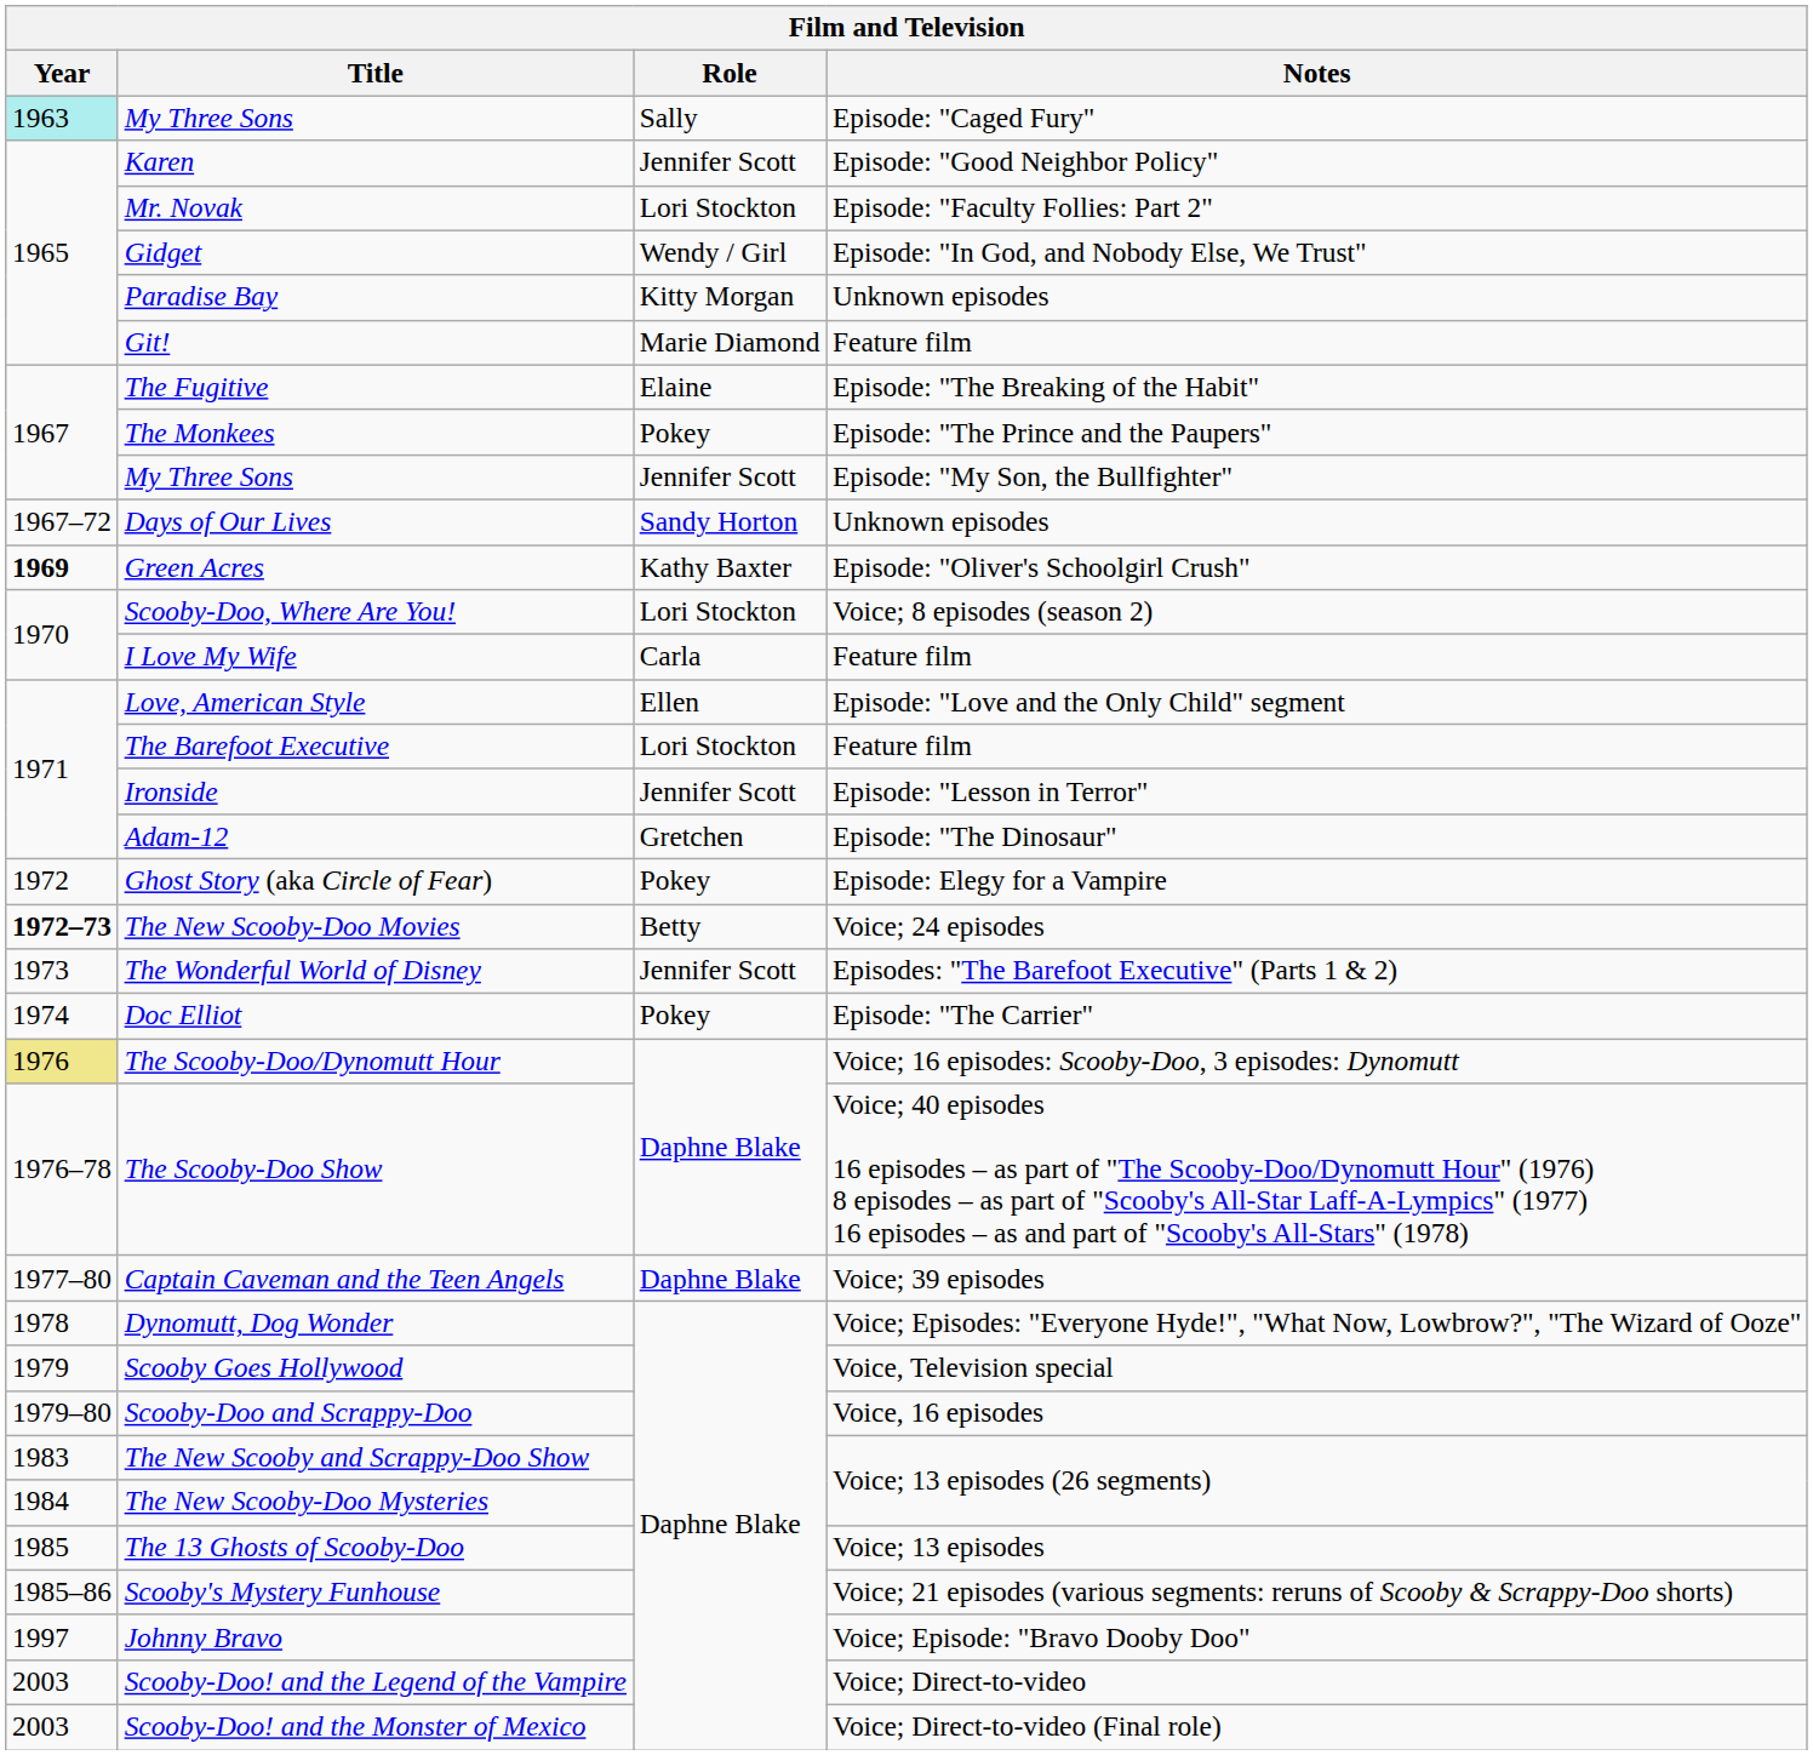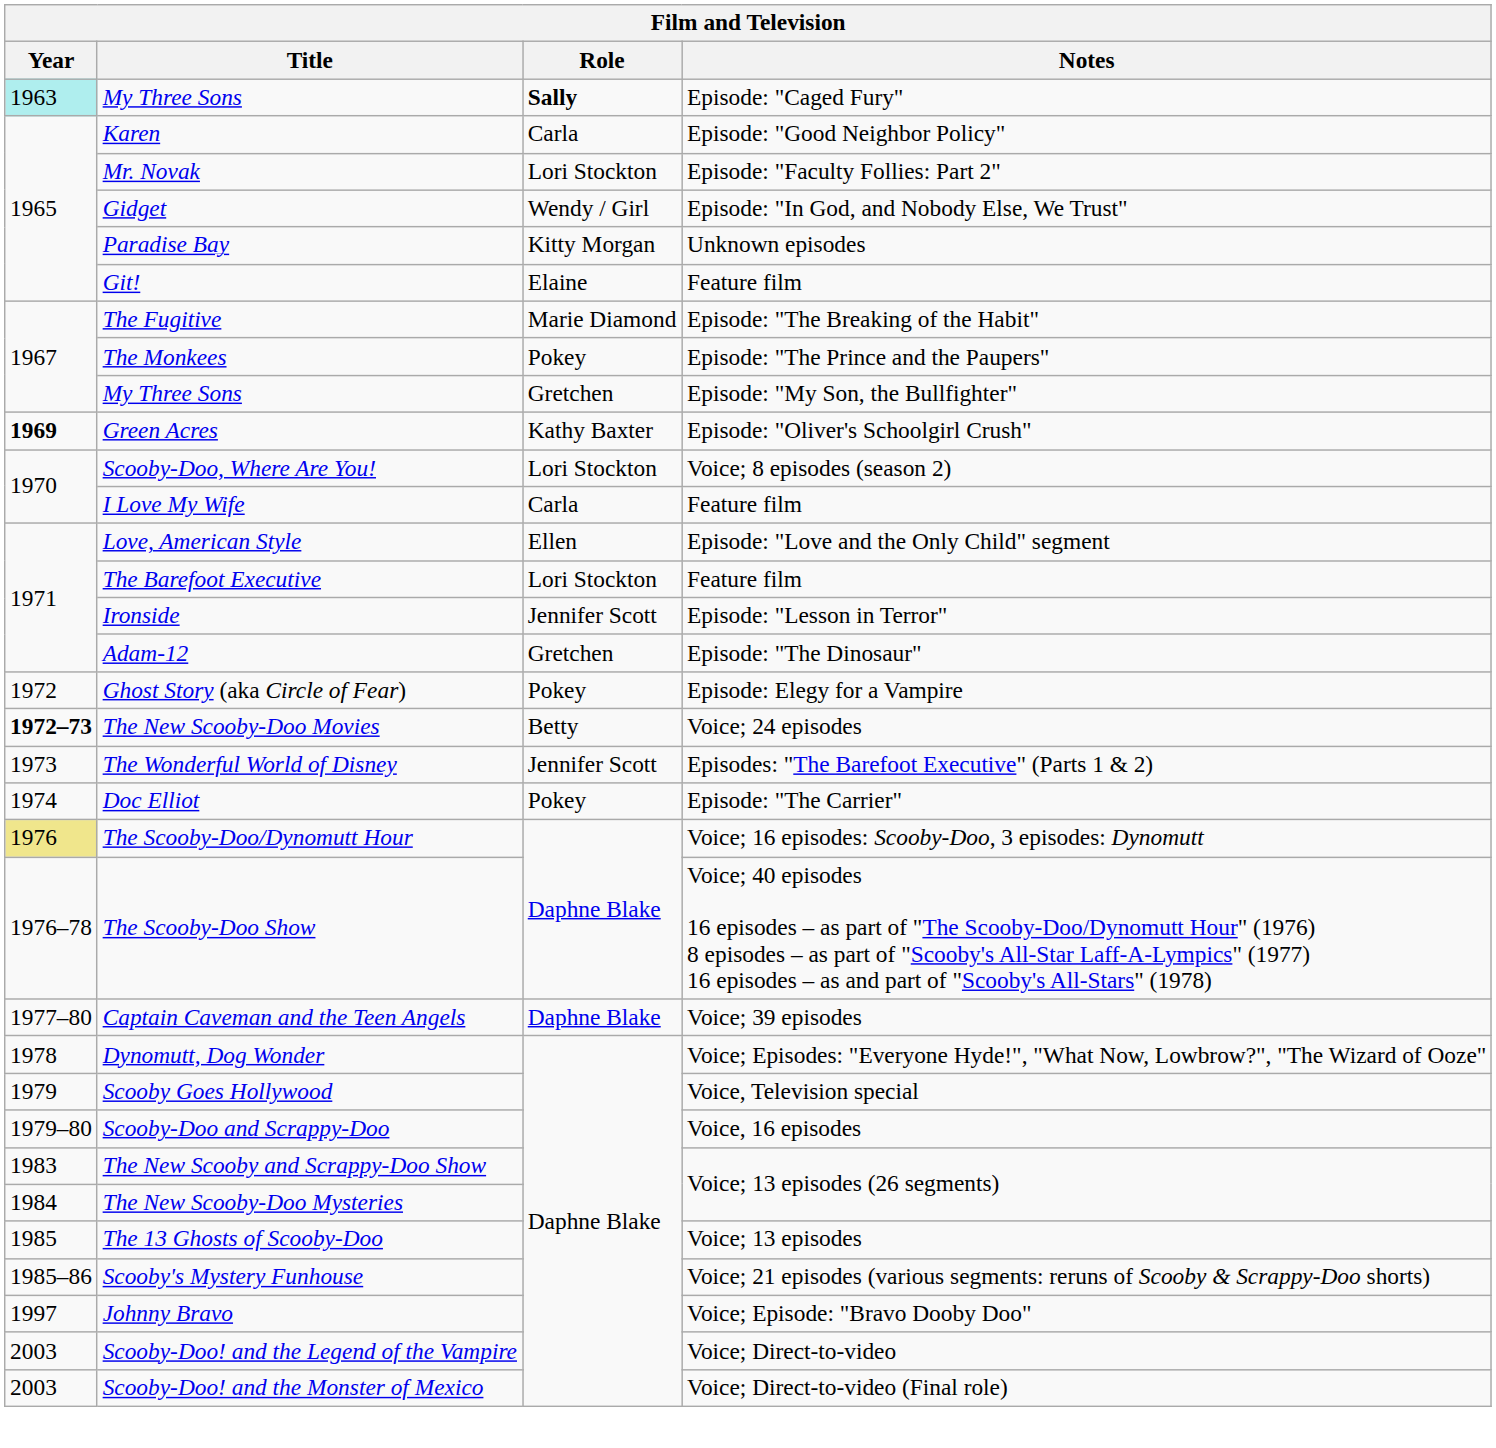 <table class="wikitable">
 <tr>
 <th colspan=4>Film and Television</th>
 </tr>
 <tr>
 <th>Year</th>
 <th>Title</th>
 <th>Role</th>
 <th>Notes</th>
 </tr>
 <tr>
 <td style="background: paleturquoise;">1963</td>
 <td><em><a href='#'>My Three Sons</a></em></td>
-<td>Sally</td>
+<td><strong>Sally</strong></td>
 <td>Episode: "Caged Fury"</td>
 </tr>
 <tr>
 <td rowspan="5">1965</td>
 <td><em><a href='#'>Karen</a></em></td>
-<td>Jennifer Scott</td>
+<td>Carla</td>
 <td>Episode: "Good Neighbor Policy"</td>
 </tr>
 <tr>
 <td><em><a href='#'>Mr. Novak</a></em></td>
 <td>Lori Stockton</td>
 <td>Episode: "Faculty Follies: Part 2"</td>
 </tr>
 <tr>
 <td><em><a href='#'>Gidget</a></em></td>
 <td>Wendy / Girl</td>
 <td>Episode: "In God, and Nobody Else, We Trust"</td>
 </tr>
 <tr>
 <td><em><a href='#'>Paradise Bay</a></em></td>
 <td>Kitty Morgan</td>
 <td>Unknown episodes</td>
 </tr>
 <tr>
 <td><em><a href='#'>Git!</a></em></td>
-<td>Marie Diamond</td>
+<td>Elaine</td>
 <td>Feature film</td>
 </tr>
 <tr>
 <td rowspan="3">1967</td>
 <td><em><a href='#'>The Fugitive</a></em></td>
-<td>Elaine</td>
+<td>Marie Diamond</td>
 <td>Episode: "The Breaking of the Habit"</td>
 </tr>
 <tr>
 <td><em><a href='#'>The Monkees</a></em></td>
 <td>Pokey</td>
 <td>Episode: "The Prince and the Paupers"</td>
 </tr>
 <tr>
 <td><em><a href='#'>My Three Sons</a></em></td>
-<td>Jennifer Scott</td>
+<td>Gretchen</td>
 <td>Episode: "My Son, the Bullfighter"</td>
-</tr>
-<tr>
-<td>1967–72</td>
-<td><em><a href='#'>Days of Our Lives</a></em></td>
-<td><a href='#'>Sandy Horton</a></td>
-<td>Unknown episodes</td>
 </tr>
 <tr>
 <td><strong>1969</strong></td>
 <td><em><a href='#'>Green Acres</a></em></td>
 <td>Kathy Baxter</td>
 <td>Episode: "Oliver's Schoolgirl Crush"</td>
 </tr>
 <tr>
 <td rowspan="2">1970</td>
 <td><em><a href='#'>Scooby-Doo, Where Are You!</a></em></td>
 <td>Lori Stockton</td>
 <td>Voice; 8 episodes (season 2)</td>
 </tr>
 <tr>
 <td><em><a href='#'>I Love My Wife</a></em></td>
 <td>Carla</td>
 <td>Feature film</td>
 </tr>
 <tr>
 <td rowspan="4">1971</td>
 <td><em><a href='#'>Love, American Style</a></em></td>
 <td>Ellen</td>
 <td>Episode: "Love and the Only Child" segment</td>
 </tr>
 <tr>
 <td><em><a href='#'>The Barefoot Executive</a></em></td>
 <td>Lori Stockton</td>
 <td>Feature film</td>
 </tr>
 <tr>
 <td><em><a href='#'>Ironside</a></em></td>
 <td>Jennifer Scott</td>
 <td>Episode: "Lesson in Terror"</td>
 </tr>
 <tr>
 <td><em><a href='#'>Adam-12</a></em></td>
 <td>Gretchen</td>
 <td>Episode: "The Dinosaur"</td>
 </tr>
 <tr>
 <td>1972</td>
 <td><em><a href='#'>Ghost Story</a></em> (aka <em>Circle of Fear</em>)</td>
 <td>Pokey</td>
 <td>Episode: Elegy for a Vampire</td>
 </tr>
 <tr>
 <td><strong>1972–73</strong></td>
 <td><em><a href='#'>The New Scooby-Doo Movies</a></em></td>
 <td>Betty</td>
 <td>Voice; 24 episodes</td>
 </tr>
 <tr>
 <td>1973</td>
 <td><em><a href='#'>The Wonderful World of Disney</a></em></td>
 <td>Jennifer Scott</td>
 <td>Episodes: "<a href='#'>The Barefoot Executive</a>" (Parts 1 & 2)</td>
 </tr>
 <tr>
 <td>1974</td>
 <td><em><a href='#'>Doc Elliot</a></em></td>
 <td>Pokey</td>
 <td>Episode: "The Carrier"</td>
 </tr>
 <tr>
 <td style="background: khaki;">1976</td>
 <td><em><a href='#'>The Scooby-Doo/Dynomutt Hour</a></em></td>
 <td rowspan="2"><a href='#'>Daphne Blake</a></td>
 <td>Voice; 16 episodes: <em>Scooby-Doo</em>, 3 episodes: <em>Dynomutt</em></td>
 </tr>
 <tr>
 <td>1976–78</td>
 <td><em><a href='#'>The Scooby-Doo Show</a></em></td>
 <td>Voice; 40 episodes<br><br>16 episodes – as part of "<a href='#'>The Scooby-Doo/Dynomutt Hour</a>" (1976)<br> 8 episodes – as part of "<a href='#'>Scooby's All-Star Laff-A-Lympics</a>" (1977)<br> 16 episodes – as and part of "<a href='#'>Scooby's All-Stars</a>" (1978)</td>
 </tr>
 <tr>
 <td>1977–80</td>
 <td><em><a href='#'>Captain Caveman and the Teen Angels</a></em></td>
 <td><a href='#'>Daphne Blake</a></td>
 <td>Voice; 39 episodes</td>
 </tr>
 <tr>
 <td>1978</td>
 <td><em><a href='#'>Dynomutt, Dog Wonder</a></em></td>
 <td rowspan="10">Daphne Blake</td>
 <td>Voice; Episodes: "Everyone Hyde!", "What Now, Lowbrow?", "The Wizard of Ooze"</td>
 </tr>
 <tr>
 <td>1979</td>
 <td><em><a href='#'>Scooby Goes Hollywood</a></em></td>
 <td>Voice, Television special</td>
 </tr>
 <tr>
 <td>1979–80</td>
 <td><em><a href='#'>Scooby-Doo and Scrappy-Doo</a></em></td>
 <td>Voice, 16 episodes</td>
 </tr>
 <tr>
 <td>1983</td>
 <td><em><a href='#'>The New Scooby and Scrappy-Doo Show</a></em></td>
 <td rowspan="2">Voice; 13 episodes (26 segments)</td>
 </tr>
 <tr>
 <td>1984</td>
 <td><em><a href='#'>The New Scooby-Doo Mysteries</a></em></td>
 </tr>
 <tr>
 <td>1985</td>
 <td><em><a href='#'>The 13 Ghosts of Scooby-Doo</a></em></td>
 <td>Voice; 13 episodes</td>
 </tr>
 <tr>
 <td>1985–86</td>
 <td><em><a href='#'>Scooby's Mystery Funhouse</a></em></td>
 <td>Voice; 21 episodes (various segments: reruns of <em>Scooby & Scrappy-Doo</em> shorts)</td>
 </tr>
 <tr>
 <td>1997</td>
 <td><em><a href='#'>Johnny Bravo</a></em></td>
 <td>Voice; Episode: "Bravo Dooby Doo"</td>
 </tr>
 <tr>
 <td>2003</td>
 <td><em><a href='#'>Scooby-Doo! and the Legend of the Vampire</a></em></td>
 <td>Voice; Direct-to-video</td>
 </tr>
 <tr>
 <td>2003</td>
 <td><em><a href='#'>Scooby-Doo! and the Monster of Mexico</a></em></td>
 <td>Voice; Direct-to-video (Final role)</td>
 </tr>
 </table>
